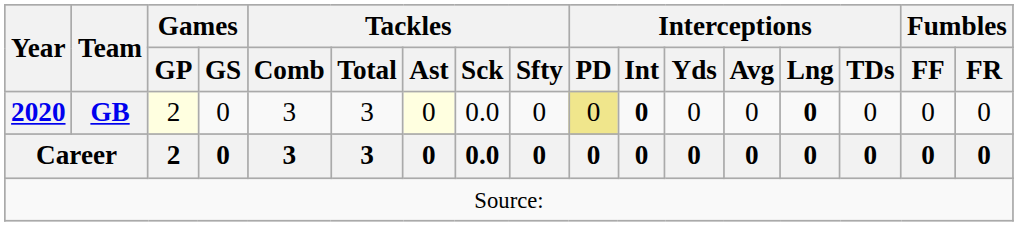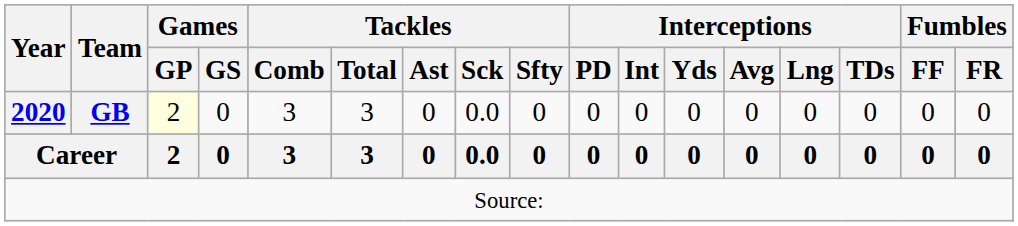 <table class="wikitable" style="text-align: center;">
 <tr>
 <th rowspan="2">Year</th>
 <th rowspan="2">Team</th>
 <th colspan="2">Games</th>
 <th colspan="5">Tackles</th>
 <th colspan="6">Interceptions</th>
 <th colspan="2">Fumbles</th>
 </tr>
 <tr>
 <th>GP</th>
 <th>GS</th>
 <th>Comb</th>
 <th>Total</th>
 <th>Ast</th>
 <th>Sck</th>
 <th>Sfty</th>
 <th>PD</th>
 <th>Int</th>
 <th>Yds</th>
 <th>Avg</th>
 <th>Lng</th>
 <th>TDs</th>
 <th>FF</th>
 <th>FR</th>
 </tr>
 <tr>
 <th><a href='#'>2020</a></th>
 <th><a href='#'>GB</a></th>
 <td style="background: lightyellow;">2</td>
 <td>0</td>
 <td>3</td>
 <td>3</td>
-<td style="background: lightyellow;">0</td>
+<td>0</td>
 <td>0.0</td>
 <td>0</td>
-<td style="background: khaki;">0</td>
-<td><strong>0</strong></td>
 <td>0</td>
 <td>0</td>
-<td><strong>0</strong></td>
+<td>0</td>
+<td>0</td>
+<td>0</td>
 <td>0</td>
 <td>0</td>
 <td>0</td>
 </tr>
 <tr>
 <th colspan="2">Career</th>
 <th>2</th>
 <th>0</th>
 <th>3</th>
 <th>3</th>
 <th>0</th>
 <th>0.0</th>
 <th>0</th>
 <th>0</th>
 <th>0</th>
 <th>0</th>
 <th>0</th>
 <th>0</th>
 <th>0</th>
 <th>0</th>
 <th>0</th>
 </tr>
 <tr>
 <td colspan="17"><small>Source: </small></td>
 </tr>
 </table>
